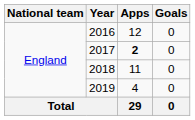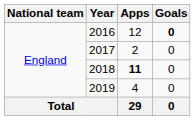 <table class=wikitable style=text-align:center>
 <tr>
 <th>National team</th>
 <th>Year</th>
 <th>Apps</th>
 <th>Goals</th>
 </tr>
 <tr>
 <td rowspan=4><a href='#'>England</a></td>
 <td>2016</td>
 <td>12</td>
-<td>0</td>
+<td><strong>0</strong></td>
 </tr>
 <tr>
 <td>2017</td>
-<td><strong>2</strong></td>
+<td>2</td>
 <td>0</td>
 </tr>
 <tr>
 <td>2018</td>
-<td>11</td>
+<td><strong>11</strong></td>
 <td>0</td>
 </tr>
 <tr>
 <td>2019</td>
 <td>4</td>
 <td>0</td>
 </tr>
 <tr>
 <th colspan=2>Total</th>
 <th>29</th>
 <th>0</th>
 </tr>
 </table>
